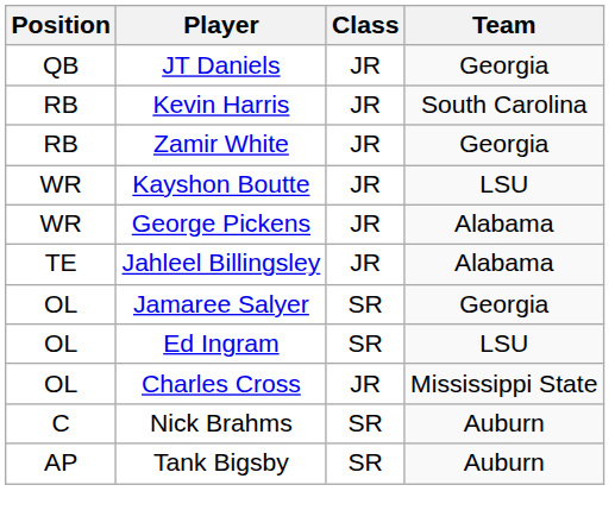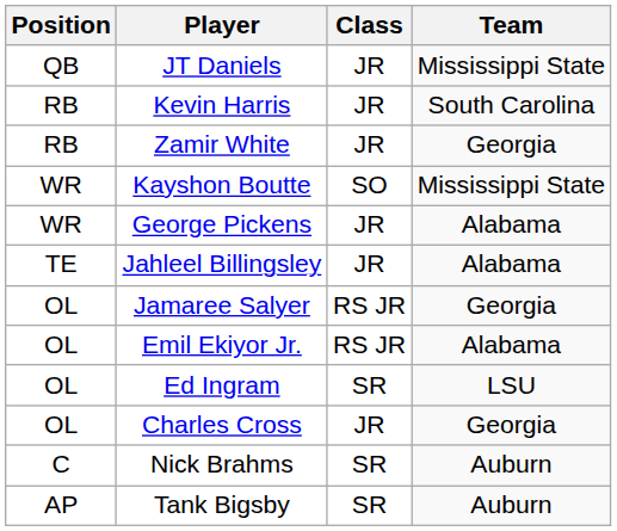 <table class="wikitable sortable">
 <tr>
 <th>Position</th>
 <th>Player</th>
 <th>Class</th>
 <th>Team</th>
 </tr>
 <tr style="text-align:center;">
 <td style="background:white">QB</td>
 <td style="background:white"><a href='#'>JT Daniels</a></td>
 <td style="background:white">JR</td>
-<td>Georgia</td>
+<td>Mississippi State</td>
 </tr>
 <tr style="text-align:center;">
 <td style="background:white">RB</td>
 <td style="background:white"><a href='#'>Kevin Harris</a></td>
 <td style="background:white">JR</td>
 <td>South Carolina</td>
 </tr>
 <tr style="text-align:center;">
 <td style="background:white">RB</td>
 <td style="background:white"><a href='#'>Zamir White</a></td>
 <td style="background:white">JR</td>
 <td>Georgia</td>
 </tr>
 <tr style="text-align:center;">
 <td style="background:white">WR</td>
 <td style="background:white"><a href='#'>Kayshon Boutte</a></td>
-<td style="background:white">JR</td>
-<td>LSU</td>
+<td style="background:white">SO</td>
+<td>Mississippi State</td>
 </tr>
 <tr style="text-align:center;">
 <td style="background:white">WR</td>
 <td style="background:white"><a href='#'>George Pickens</a></td>
 <td style="background:white">JR</td>
 <td>Alabama</td>
 </tr>
 <tr style="text-align:center;">
 <td style="background:white">TE</td>
 <td style="background:white"><a href='#'>Jahleel Billingsley</a></td>
 <td style="background:white">JR</td>
 <td>Alabama</td>
 </tr>
 <tr style="text-align:center;">
 <td style="background:white">OL</td>
 <td style="background:white"><a href='#'>Jamaree Salyer</a></td>
-<td style="background:white">SR</td>
+<td style="background:white">RS JR</td>
 <td>Georgia</td>
+</tr>
+<tr style="text-align:center;">
+<td style="background:white">OL</td>
+<td style="background:white"><a href='#'>Emil Ekiyor Jr.</a></td>
+<td style="background:white">RS JR</td>
+<td>Alabama</td>
 </tr>
 <tr style="text-align:center;">
 <td style="background:white">OL</td>
 <td style="background:white"><a href='#'>Ed Ingram</a></td>
 <td style="background:white">SR</td>
 <td>LSU</td>
 </tr>
 <tr style="text-align:center;">
 <td style="background:white">OL</td>
 <td style="background:white"><a href='#'>Charles Cross</a></td>
 <td style="background:white">JR</td>
-<td>Mississippi State</td>
+<td>Georgia</td>
 </tr>
 <tr style="text-align:center;">
 <td style="background:white">C</td>
 <td style="background:white">Nick Brahms</td>
 <td style="background:white">SR</td>
 <td>Auburn</td>
 </tr>
 <tr style="text-align:center;">
 <td style="background:white">AP</td>
 <td style="background:white">Tank Bigsby</td>
 <td style="background:white">SR</td>
 <td>Auburn</td>
 </tr>
 </table>
